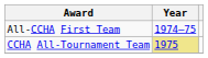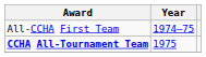 <table class="wikitable">
 <tr>
 <th>Award</th>
 <th>Year</th>
 <th></th>
 </tr>
 <tr>
 <td>All-<a href='#'>CCHA</a> <a href='#'>First Team</a></td>
 <td><a href='#'>1974–75</a></td>
 <td></td>
 </tr>
 <tr>
-<td><a href='#'>CCHA</a> <a href='#'>All-Tournament Team</a></td>
-<td style="background: khaki;"><a href='#'>1975</a></td>
+<td><strong><a href='#'>CCHA</a> <a href='#'>All-Tournament Team</a></strong></td>
+<td><a href='#'>1975</a></td>
 <td></td>
 </tr>
 <tr>
 </tr>
 </table>
